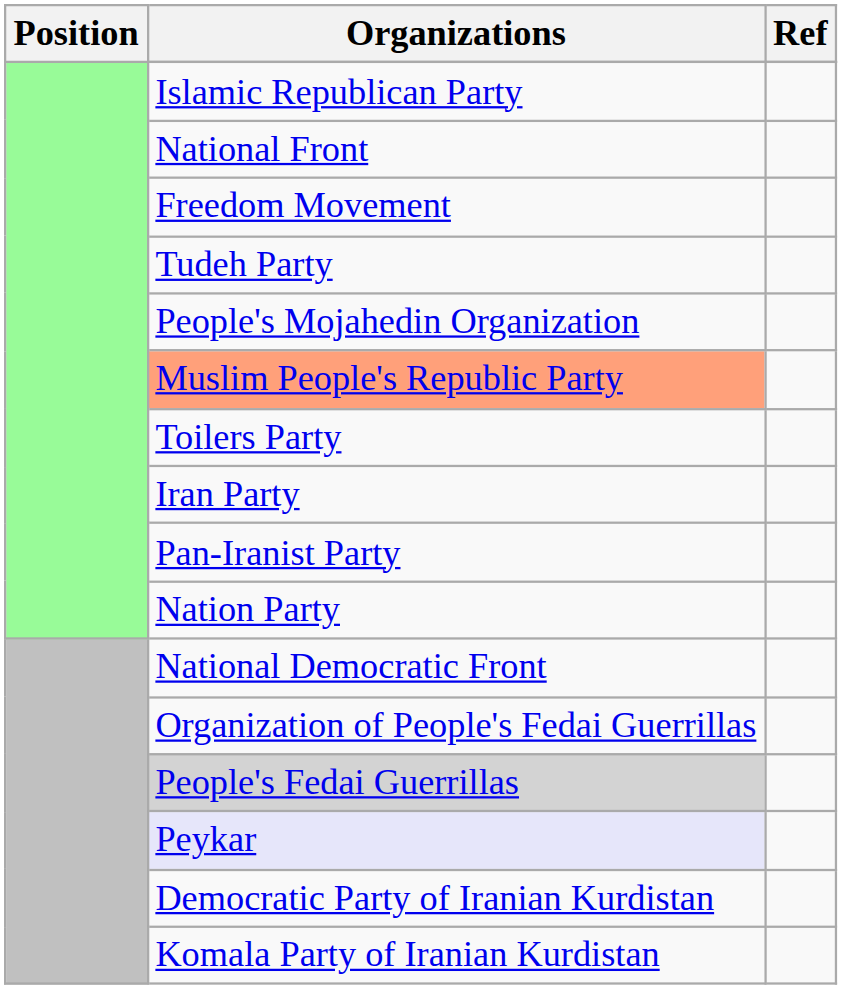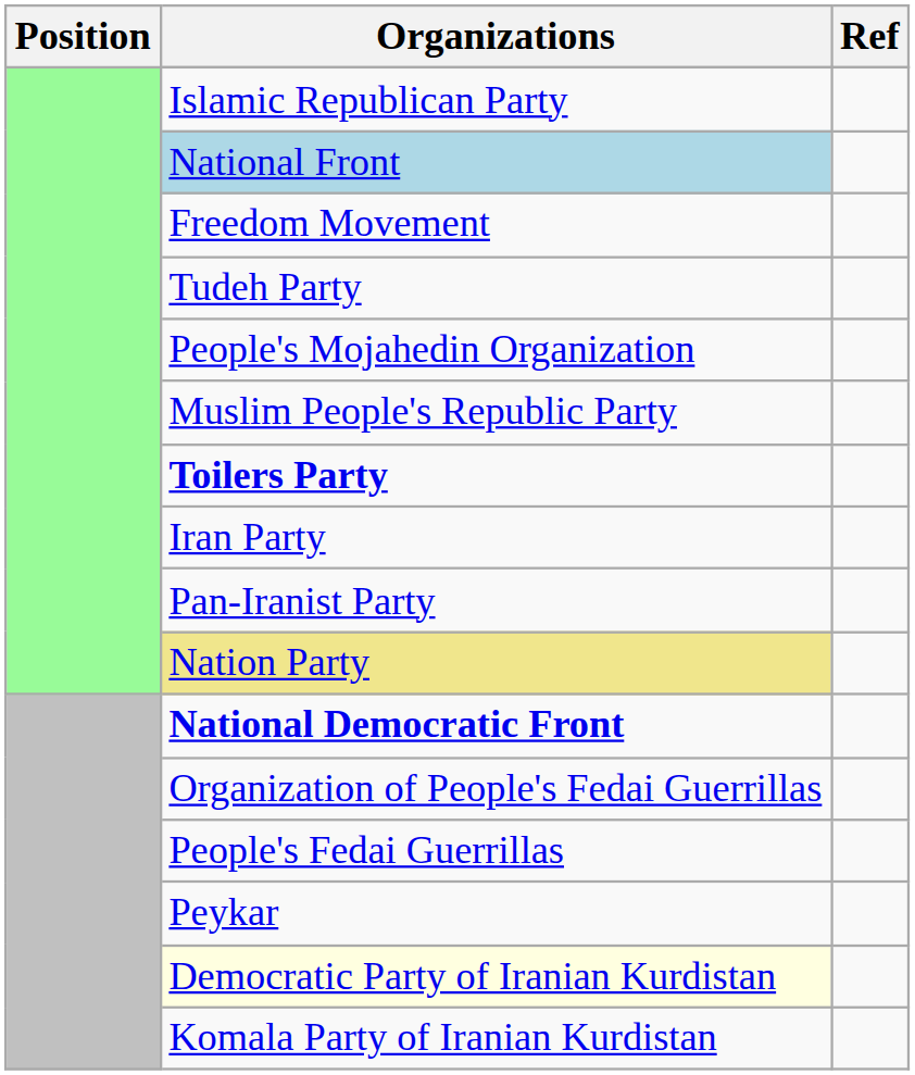 <table class="wikitable">
 <tr>
 <th>Position</th>
 <th>Organizations</th>
 <th>Ref</th>
 </tr>
 <tr>
 <td style="background-color:#98FB98" rowspan="11"></td>
 </tr>
 <tr>
 <td><a href='#'>Islamic Republican Party</a></td>
 <td></td>
 </tr>
 <tr>
-<td><a href='#'>National Front</a></td>
+<td style="background: lightblue;"><a href='#'>National Front</a></td>
 <td></td>
 </tr>
 <tr>
 <td><a href='#'>Freedom Movement</a></td>
 <td></td>
 </tr>
 <tr>
 <td><a href='#'>Tudeh Party</a></td>
 <td></td>
 </tr>
 <tr>
 <td><a href='#'>People's Mojahedin Organization</a></td>
 <td></td>
 </tr>
 <tr>
-<td style="background: lightsalmon;"><a href='#'>Muslim People's Republic Party</a></td>
+<td><a href='#'>Muslim People's Republic Party</a></td>
 <td></td>
 </tr>
 <tr>
-<td><a href='#'>Toilers Party</a></td>
+<td><strong><a href='#'>Toilers Party</a></strong></td>
 <td></td>
 </tr>
 <tr>
 <td><a href='#'>Iran Party</a></td>
 <td></td>
 </tr>
 <tr>
 <td><a href='#'>Pan-Iranist Party</a></td>
 <td></td>
 </tr>
 <tr>
-<td><a href='#'>Nation Party</a></td>
+<td style="background: khaki;"><a href='#'>Nation Party</a></td>
 <td></td>
 </tr>
 <tr>
 <td style="background-color:#C0C0C0" rowspan="6"></td>
-<td><a href='#'>National Democratic Front</a></td>
+<td><strong><a href='#'>National Democratic Front</a></strong></td>
 <td></td>
 </tr>
 <tr>
 <td><a href='#'>Organization of People's Fedai Guerrillas</a></td>
 <td></td>
 </tr>
 <tr>
-<td style="background: lightgrey;"><a href='#'>People's Fedai Guerrillas</a></td>
+<td><a href='#'>People's Fedai Guerrillas</a></td>
 <td></td>
 </tr>
 <tr>
-<td style="background: lavender;"><a href='#'>Peykar</a></td>
+<td><a href='#'>Peykar</a></td>
 <td></td>
 </tr>
 <tr>
-<td><a href='#'>Democratic Party of Iranian Kurdistan</a></td>
+<td style="background: lightyellow;"><a href='#'>Democratic Party of Iranian Kurdistan</a></td>
 <td></td>
 </tr>
 <tr>
 <td><a href='#'>Komala Party of Iranian Kurdistan</a></td>
 <td></td>
 </tr>
 </table>
